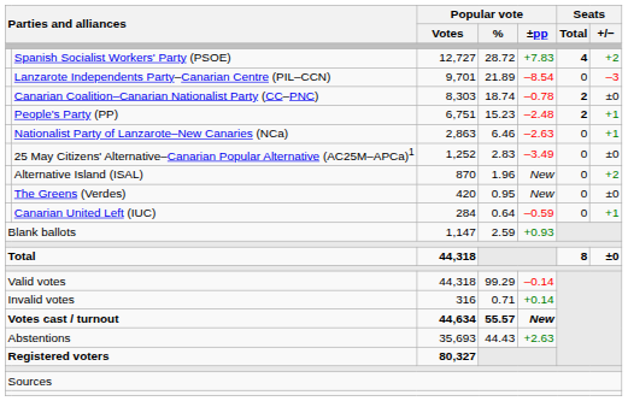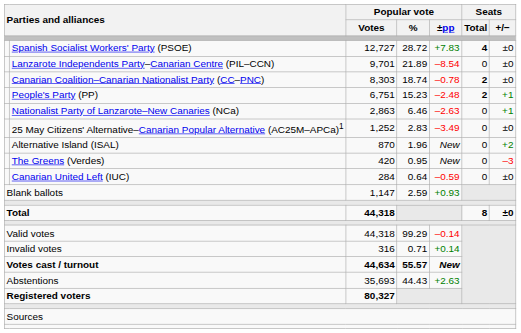 <table class="wikitable" style="text-align:right;">
 <tr>
 <th style="text-align:left;" rowspan="2" colspan="2" width="525">Parties and alliances</th>
 <th colspan="3">Popular vote</th>
 <th colspan="2">Seats</th>
 </tr>
 <tr>
 <th width="75">Votes</th>
 <th width="45">%</th>
 <th width="45">±<a href='#'>pp</a></th>
 <th width="35">Total</th>
 <th width="35">+/−</th>
 </tr>
 <tr>
 <td colspan="7" bgcolor="#C0C0C0"></td>
 </tr>
 <tr>
 <td width="1" style="color:inherit;background:"></td>
 <td align="left"><a href='#'>Spanish Socialist Workers' Party</a> (PSOE)</td>
 <td>12,727</td>
 <td>28.72</td>
 <td style="color:green;">+7.83</td>
 <td><strong>4</strong></td>
-<td style="color:green;">+2</td>
+<td>±0</td>
 </tr>
 <tr>
 <td style="color:inherit;background:"></td>
 <td align="left"><a href='#'>Lanzarote Independents Party</a>–<a href='#'>Canarian Centre</a> (PIL–CCN)</td>
 <td>9,701</td>
 <td>21.89</td>
 <td style="color:red;">–8.54</td>
 <td>0</td>
-<td style="color:red;">–3</td>
+<td>±0</td>
 </tr>
 <tr>
 <td style="color:inherit;background:"></td>
 <td align="left"><a href='#'>Canarian Coalition–Canarian Nationalist Party</a> (<a href='#'>CC</a>–<a href='#'>PNC</a>)</td>
 <td>8,303</td>
 <td>18.74</td>
 <td style="color:red;">–0.78</td>
 <td><strong>2</strong></td>
 <td>±0</td>
 </tr>
 <tr>
 <td style="color:inherit;background:"></td>
 <td align="left"><a href='#'>People's Party</a> (PP)</td>
 <td>6,751</td>
 <td>15.23</td>
 <td style="color:red;">–2.48</td>
 <td><strong>2</strong></td>
 <td style="color:green;">+1</td>
 </tr>
 <tr>
 <td style="color:inherit;background:"></td>
 <td align="left"><a href='#'>Nationalist Party of Lanzarote–New Canaries</a> (NCa)</td>
 <td>2,863</td>
 <td>6.46</td>
 <td style="color:red;">–2.63</td>
 <td>0</td>
 <td style="color:green;">+1</td>
 </tr>
 <tr>
 <td style="color:inherit;background:"></td>
 <td align="left">25 May Citizens' Alternative–<a href='#'>Canarian Popular Alternative</a> (AC25M–APCa)<sup>1</sup></td>
 <td>1,252</td>
 <td>2.83</td>
 <td style="color:red;">–3.49</td>
 <td>0</td>
 <td>±0</td>
 </tr>
 <tr>
 <td style="color:inherit;background:"></td>
 <td align="left">Alternative Island (ISAL)</td>
 <td>870</td>
 <td>1.96</td>
 <td><em>New</em></td>
 <td>0</td>
 <td style="color:green;">+2</td>
 </tr>
 <tr>
 <td style="color:inherit;background:"></td>
 <td align="left"><a href='#'>The Greens</a> (Verdes)</td>
 <td>420</td>
 <td>0.95</td>
 <td><em>New</em></td>
 <td>0</td>
-<td>±0</td>
+<td style="color:red;">–3</td>
 </tr>
 <tr>
 <td style="color:inherit;background:"></td>
 <td align="left"><a href='#'>Canarian United Left</a> (IUC)</td>
 <td>284</td>
 <td>0.64</td>
 <td style="color:red;">–0.59</td>
 <td>0</td>
-<td style="color:green;">+1</td>
+<td>±0</td>
 </tr>
 <tr>
 <td align="left" colspan="2">Blank ballots</td>
 <td>1,147</td>
 <td>2.59</td>
 <td style="color:green;">+0.93</td>
 <td bgcolor="#E9E9E9" colspan="2"></td>
 </tr>
 <tr>
 <td colspan="7" bgcolor="#E9E9E9"></td>
 </tr>
 <tr style="font-weight:bold;">
 <td align="left" colspan="2">Total</td>
 <td>44,318</td>
 <td bgcolor="#E9E9E9" colspan="2"></td>
 <td>8</td>
 <td>±0</td>
 </tr>
 <tr>
 <td colspan="7" bgcolor="#E9E9E9"></td>
 </tr>
 <tr>
 <td align="left" colspan="2">Valid votes</td>
 <td>44,318</td>
 <td>99.29</td>
 <td style="color:red;">–0.14</td>
 <td bgcolor="#E9E9E9" colspan="2" rowspan="5"></td>
 </tr>
 <tr>
 <td align="left" colspan="2">Invalid votes</td>
 <td>316</td>
 <td>0.71</td>
 <td style="color:green;">+0.14</td>
 </tr>
 <tr style="font-weight:bold;">
 <td align="left" colspan="2">Votes cast / turnout</td>
 <td>44,634</td>
 <td>55.57</td>
 <td><em>New</em></td>
 </tr>
 <tr>
 <td align="left" colspan="2">Abstentions</td>
 <td>35,693</td>
 <td>44.43</td>
 <td style="color:green;">+2.63</td>
 </tr>
 <tr style="font-weight:bold;">
 <td align="left" colspan="2">Registered voters</td>
 <td>80,327</td>
 <td bgcolor="#E9E9E9" colspan="2"></td>
 </tr>
 <tr>
 <td colspan="7" bgcolor="#E9E9E9"></td>
 </tr>
 <tr>
 <td align="left" colspan="7">Sources</td>
 </tr>
 <tr>
 <td colspan="7" style="text-align:left; max-width:790px;"></td>
 </tr>
 </table>
